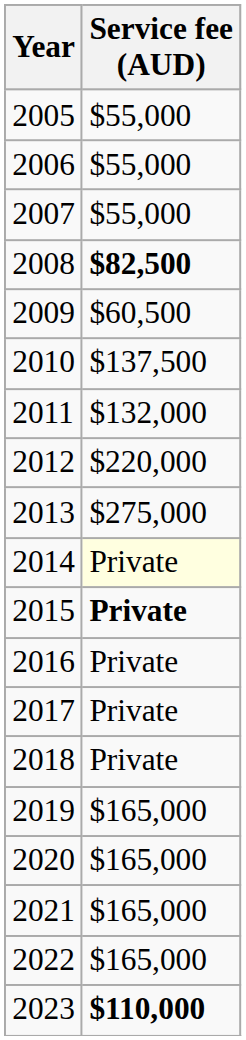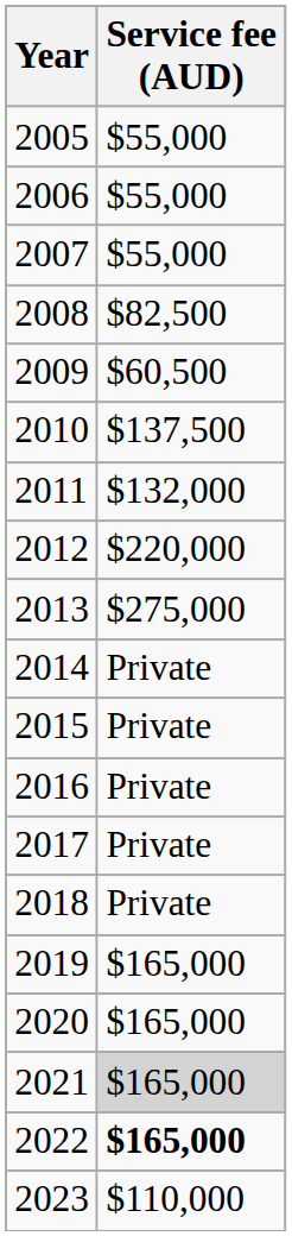 <table class="wikitable">
 <tr style="background:silver; color:black">
 <th>Year</th>
 <th>Service fee<br>(AUD)</th>
 </tr>
 <tr>
 <td>2005</td>
 <td>$55,000</td>
 </tr>
 <tr>
 <td>2006</td>
 <td>$55,000</td>
 </tr>
 <tr>
 <td>2007</td>
 <td>$55,000</td>
 </tr>
 <tr>
 <td>2008</td>
-<td><strong>$82,500</strong></td>
+<td>$82,500</td>
 </tr>
 <tr>
 <td>2009</td>
 <td>$60,500</td>
 </tr>
 <tr>
 <td>2010</td>
 <td>$137,500</td>
 </tr>
 <tr>
 <td>2011</td>
 <td>$132,000</td>
 </tr>
 <tr>
 <td>2012</td>
 <td>$220,000</td>
 </tr>
 <tr>
 <td>2013</td>
 <td>$275,000</td>
 </tr>
 <tr>
 <td>2014</td>
-<td style="background: lightyellow;">Private</td>
+<td>Private</td>
 </tr>
 <tr>
 <td>2015</td>
-<td><strong>Private</strong></td>
+<td>Private</td>
 </tr>
 <tr>
 <td>2016</td>
 <td>Private</td>
 </tr>
 <tr>
 <td>2017</td>
 <td>Private</td>
 </tr>
 <tr>
 <td>2018</td>
 <td>Private</td>
 </tr>
 <tr>
 <td>2019</td>
 <td>$165,000</td>
 </tr>
 <tr>
 <td>2020</td>
 <td>$165,000</td>
 </tr>
 <tr>
 <td>2021</td>
-<td>$165,000</td>
+<td style="background: lightgrey;">$165,000</td>
 </tr>
 <tr>
 <td>2022</td>
-<td>$165,000</td>
+<td><strong>$165,000</strong></td>
 </tr>
 <tr>
 <td>2023</td>
-<td><strong>$110,000</strong></td>
+<td>$110,000</td>
 </tr>
 <tr>
 </tr>
 </table>
